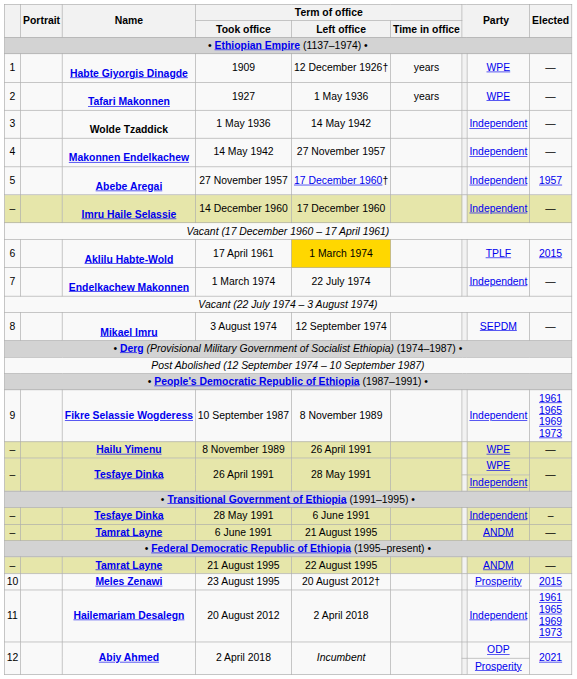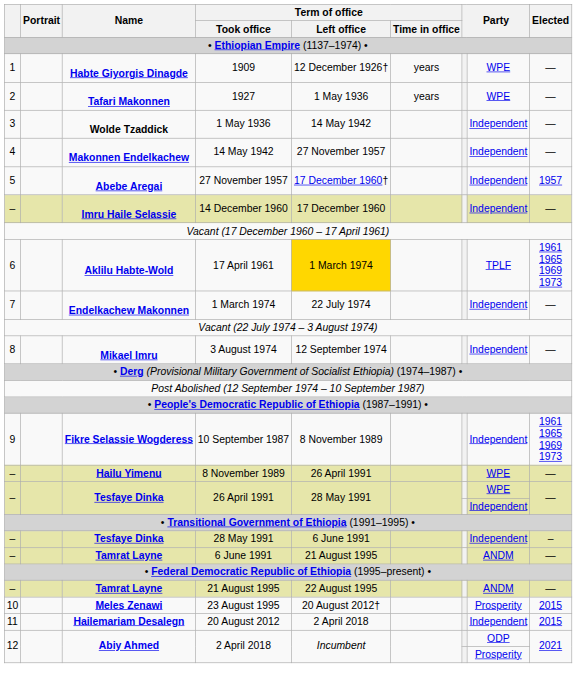 <table class="wikitable" style="text-align:center">
 <tr>
 <th rowspan=2></th>
 <th rowspan=2>Portrait</th>
 <th rowspan=2>Name<br></th>
 <th colspan=3>Term of office</th>
 <th colspan=2 rowspan=2>Party<br></th>
 <th rowspan=2>Elected</th>
 </tr>
 <tr>
 <th>Took office</th>
 <th>Left office</th>
 <th>Time in office</th>
 </tr>
 <tr bgcolor="lightgrey">
 <td colspan=9> • <strong><a href='#'>Ethiopian Empire</a></strong> (1137–1974) • </td>
 </tr>
 <tr>
 <td>1</td>
 <td></td>
 <td><br><strong><a href='#'>Habte Giyorgis Dinagde</a></strong><br></td>
 <td>1909</td>
 <td>12 December 1926†</td>
 <td> years</td>
 <th style="background:"></th>
 <td><a href='#'>WPE</a></td>
 <td>—</td>
 </tr>
 <tr>
 <td>2</td>
 <td></td>
 <td><br><strong><a href='#'>Tafari Makonnen</a></strong><br></td>
 <td>1927</td>
 <td>1 May 1936<br></td>
 <td> years</td>
 <th style="background:"></th>
 <td><a href='#'>WPE</a></td>
 <td>—</td>
 </tr>
 <tr>
 <td>3</td>
 <td></td>
 <td><br><strong>Wolde Tzaddick</strong></td>
 <td>1 May 1936</td>
 <td>14 May 1942</td>
 <td></td>
 <th style="background:"></th>
 <td><a href='#'>Independent</a></td>
 <td>—</td>
 </tr>
 <tr>
 <td>4</td>
 <td></td>
 <td><em></em><br><strong><a href='#'>Makonnen Endelkachew</a></strong><br></td>
 <td>14 May 1942</td>
 <td>27 November 1957</td>
 <td></td>
 <th style="background:"></th>
 <td><a href='#'>Independent</a></td>
 <td>—</td>
 </tr>
 <tr>
 <td>5</td>
 <td></td>
 <td><em></em><br><strong><a href='#'>Abebe Aregai</a></strong><br></td>
 <td>27 November 1957</td>
 <td><a href='#'>17 December 1960</a>†</td>
 <td></td>
 <th style="background:"></th>
 <td><a href='#'>Independent</a></td>
 <td><a href='#'>1957</a></td>
 </tr>
 <tr style="background:#E6E6AA">
 <td>–</td>
 <td></td>
 <td><em></em><br><strong><a href='#'>Imru Haile Selassie</a></strong><br></td>
 <td>14 December 1960</td>
 <td>17 December 1960</td>
 <td></td>
 <th style="background:"></th>
 <td><a href='#'>Independent</a></td>
 <td>—</td>
 </tr>
 <tr>
 <td colspan=9><em>Vacant (17 December 1960 – 17 April 1961)</em></td>
 </tr>
 <tr>
 <td>6</td>
 <td></td>
 <td><em></em><br><strong><a href='#'>Aklilu Habte-Wold</a></strong><br></td>
 <td>17 April 1961</td>
 <td style="background: gold;">1 March 1974<br></td>
 <td></td>
 <th style="background:"></th>
 <td><a href='#'>TPLF</a><br></td>
-<td><a href='#'>2015</a></td>
+<td><a href='#'>1961</a><br><a href='#'>1965</a><br><a href='#'>1969</a><br><a href='#'>1973</a></td>
 </tr>
 <tr>
 <td>7</td>
 <td></td>
 <td><em></em><br><strong><a href='#'>Endelkachew Makonnen</a></strong><br></td>
 <td>1 March 1974</td>
 <td>22 July 1974<br></td>
 <td></td>
 <th style="background:"></th>
 <td><a href='#'>Independent</a></td>
 <td>—</td>
 </tr>
 <tr>
 <td colspan=9><em>Vacant (22 July 1974 – 3 August 1974)</em></td>
 </tr>
 <tr>
 <td>8</td>
 <td></td>
 <td><em></em><br><strong><a href='#'>Mikael Imru</a></strong><br></td>
 <td>3 August 1974</td>
 <td>12 September 1974<br></td>
 <td></td>
 <th style="background:"></th>
-<td><a href='#'>SEPDM</a><br></td>
+<td><a href='#'>Independent</a></td>
 <td>—</td>
 </tr>
 <tr bgcolor="lightgrey">
 <td colspan=9> • <strong><a href='#'>Derg</a></strong> <em>(Provisional Military Government of Socialist Ethiopia)</em> (1974–1987) • </td>
 </tr>
 <tr>
 <td colspan=9><em>Post Abolished (12 September 1974 – 10 September 1987)</em></td>
 </tr>
 <tr bgcolor="lightgrey">
 <td colspan=9> • <strong><a href='#'>People's Democratic Republic of Ethiopia</a></strong> (1987–1991) • </td>
 </tr>
 <tr>
 <td>9</td>
 <td></td>
 <td><strong><a href='#'>Fikre Selassie Wogderess</a></strong><br></td>
 <td>10 September 1987</td>
 <td>8 November 1989<br></td>
 <td></td>
 <th style="background:"></th>
 <td><a href='#'>Independent</a></td>
 <td><a href='#'>1961</a><br><a href='#'>1965</a><br><a href='#'>1969</a><br><a href='#'>1973</a></td>
 </tr>
 <tr style="background:#E6E6AA">
 <td>–</td>
 <td></td>
 <td><strong><a href='#'>Hailu Yimenu</a></strong><br></td>
 <td>8 November 1989</td>
 <td>26 April 1991</td>
 <td></td>
 <th style="background:"></th>
 <td><a href='#'>WPE</a></td>
 <td>—</td>
 </tr>
 <tr style="background:#E6E6AA">
 <td rowspan=2>–</td>
 <td rowspan=2></td>
 <td rowspan=2><strong><a href='#'>Tesfaye Dinka</a></strong><br></td>
 <td rowspan=2>26 April 1991</td>
 <td rowspan=2>28 May 1991</td>
 <td rowspan=2></td>
 <th style="background:"></th>
 <td><a href='#'>WPE</a><br></td>
 <td rowspan=2>—</td>
 </tr>
 <tr style="background:#E6E6AA">
 <th style="background:"></th>
 <td><a href='#'>Independent</a></td>
 </tr>
 <tr bgcolor="lightgrey">
 <td colspan=9> • <strong><a href='#'>Transitional Government of Ethiopia</a></strong> (1991–1995) • </td>
 </tr>
 <tr style="background:#E6E6AA">
 <td>–</td>
 <td></td>
 <td><strong><a href='#'>Tesfaye Dinka</a></strong><br></td>
 <td>28 May 1991</td>
 <td>6 June 1991</td>
 <td></td>
 <th style="background:"></th>
 <td><a href='#'>Independent</a></td>
 <td>–</td>
 </tr>
 <tr style="background:#E6E6AA">
 <td>–</td>
 <td></td>
 <td><strong><a href='#'>Tamrat Layne</a></strong><br></td>
 <td>6 June 1991</td>
 <td>21 August 1995</td>
 <td></td>
 <th style="background:"></th>
 <td><a href='#'>ANDM</a><br></td>
 <td>—</td>
 </tr>
 <tr bgcolor="lightgrey">
 <td colspan=9> • <strong><a href='#'>Federal Democratic Republic of Ethiopia</a></strong> (1995–present) • </td>
 </tr>
 <tr style="background:#E6E6AA">
 <td>–</td>
 <td></td>
 <td><strong><a href='#'>Tamrat Layne</a></strong><br></td>
 <td>21 August 1995</td>
 <td>22 August 1995</td>
 <td></td>
 <th style="background:"></th>
 <td><a href='#'>ANDM</a><br></td>
 <td>—</td>
 </tr>
 <tr>
 <td>10</td>
 <td></td>
 <td><strong><a href='#'>Meles Zenawi</a></strong><br></td>
 <td>23 August 1995</td>
 <td>20 August 2012†</td>
 <td></td>
 <th style="background:"></th>
 <td><a href='#'>Prosperity</a></td>
 <td><a href='#'>2015</a></td>
 </tr>
 <tr>
 <td>11</td>
 <td></td>
 <td><strong><a href='#'>Hailemariam Desalegn</a></strong><br></td>
 <td>20 August 2012</td>
 <td>2 April 2018</td>
 <td></td>
 <th style="background:"></th>
 <td><a href='#'>Independent</a></td>
-<td><a href='#'>1961</a><br><a href='#'>1965</a><br><a href='#'>1969</a><br><a href='#'>1973</a></td>
+<td><a href='#'>2015</a></td>
 </tr>
 <tr>
 <td rowspan=2>12</td>
 <td rowspan=2></td>
 <td rowspan=2><strong><a href='#'>Abiy Ahmed</a></strong><br></td>
 <td rowspan=2>2 April 2018</td>
 <td rowspan=2><em>Incumbent</em></td>
 <td rowspan=2></td>
 <th style="background:"></th>
 <td><a href='#'>ODP</a><br></td>
 <td rowspan=2><a href='#'>2021</a></td>
 </tr>
 <tr>
 <th style="background:"></th>
 <td><a href='#'>Prosperity</a></td>
 </tr>
 </table>
